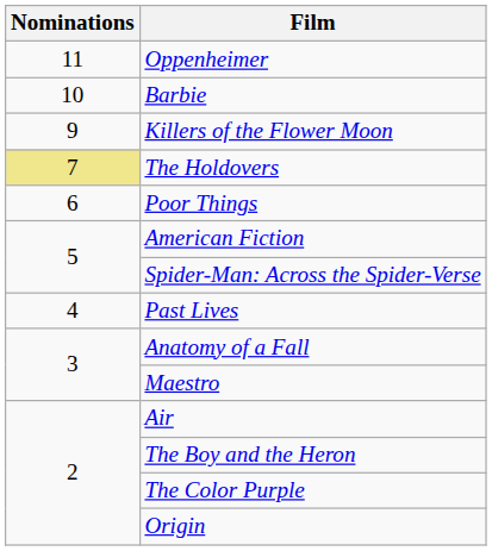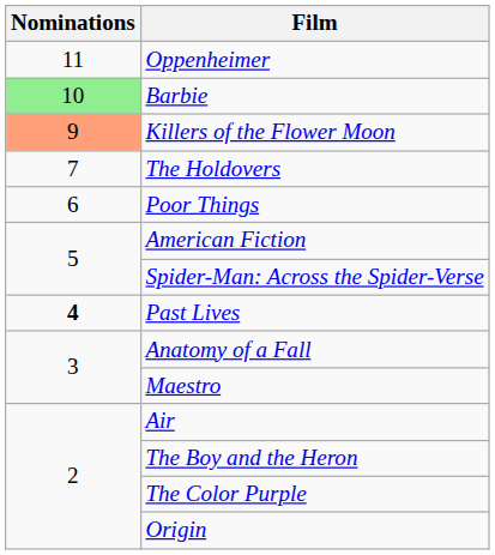 <table class="wikitable">
 <tr>
 <th>Nominations</th>
 <th>Film</th>
 </tr>
 <tr>
 <td style="text-align:center;">11</td>
 <td><em><a href='#'>Oppenheimer</a></em></td>
 </tr>
 <tr>
-<td style="text-align:center;">10</td>
+<td style="background: lightgreen; text-align:center;">10</td>
 <td><em><a href='#'>Barbie</a></em></td>
 </tr>
 <tr>
-<td style="text-align:center;">9</td>
+<td style="background: lightsalmon; text-align:center;">9</td>
 <td><em><a href='#'>Killers of the Flower Moon</a></em></td>
 </tr>
 <tr>
-<td style="background: khaki; text-align:center;">7</td>
+<td style="text-align:center;">7</td>
 <td><em><a href='#'>The Holdovers</a></em></td>
 </tr>
 <tr>
 <td style="text-align:center;">6</td>
 <td><em><a href='#'>Poor Things</a></em></td>
 </tr>
 <tr>
 <td rowspan="2" style="text-align:center;">5</td>
 <td><em><a href='#'>American Fiction</a></em></td>
 </tr>
 <tr>
 <td><em><a href='#'>Spider-Man: Across the Spider-Verse</a></em></td>
 </tr>
 <tr>
-<td style="text-align:center;">4</td>
+<td style="text-align:center;"><strong>4</strong></td>
 <td><em><a href='#'>Past Lives</a></em></td>
 </tr>
 <tr>
 <td rowspan="2" style="text-align:center;">3</td>
 <td><em><a href='#'>Anatomy of a Fall</a></em></td>
 </tr>
 <tr>
 <td><em><a href='#'>Maestro</a></em></td>
 </tr>
 <tr>
 <td rowspan="4" style="text-align:center;">2</td>
 <td><em><a href='#'>Air</a></em></td>
 </tr>
 <tr>
 <td><em><a href='#'>The Boy and the Heron</a></em></td>
 </tr>
 <tr>
 <td><em><a href='#'>The Color Purple</a></em></td>
 </tr>
 <tr>
 <td><em><a href='#'>Origin</a></em></td>
 </tr>
 </table>
